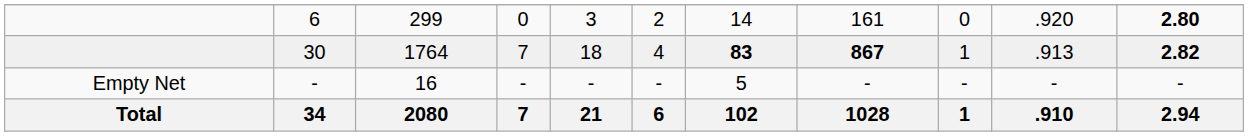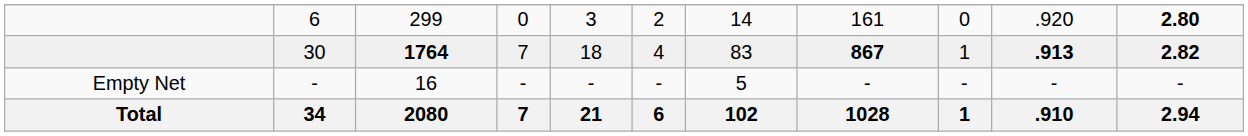 <table class="wikitable sortable" width ="1000">
 <tr align="center">
 </tr>
 <tr align="center" bgcolor="">
 <td></td>
 <td>6</td>
 <td>299</td>
 <td>0</td>
 <td>3</td>
 <td>2</td>
 <td>14</td>
 <td>161</td>
 <td>0</td>
 <td>.920</td>
 <td><strong>2.80</strong></td>
 </tr>
 <tr align="center" bgcolor="f0f0f0">
 <td></td>
 <td>30</td>
-<td>1764</td>
+<td><strong>1764</strong></td>
 <td>7</td>
 <td>18</td>
 <td>4</td>
-<td><strong>83</strong></td>
+<td>83</td>
 <td><strong>867</strong></td>
 <td>1</td>
-<td>.913</td>
+<td><strong>.913</strong></td>
 <td><strong>2.82</strong></td>
 </tr>
 <tr align="center" bgcolor="">
 <td>Empty Net</td>
 <td>-</td>
 <td>16</td>
 <td>-</td>
 <td>-</td>
 <td>-</td>
 <td>5</td>
 <td>-</td>
 <td>-</td>
 <td>-</td>
 <td>-</td>
 </tr>
 <tr>
 <th>Total</th>
 <th>34</th>
 <th>2080</th>
 <th>7</th>
 <th>21</th>
 <th>6</th>
 <th>102</th>
 <th>1028</th>
 <th>1</th>
 <th>.910</th>
 <th>2.94</th>
 </tr>
 </table>
